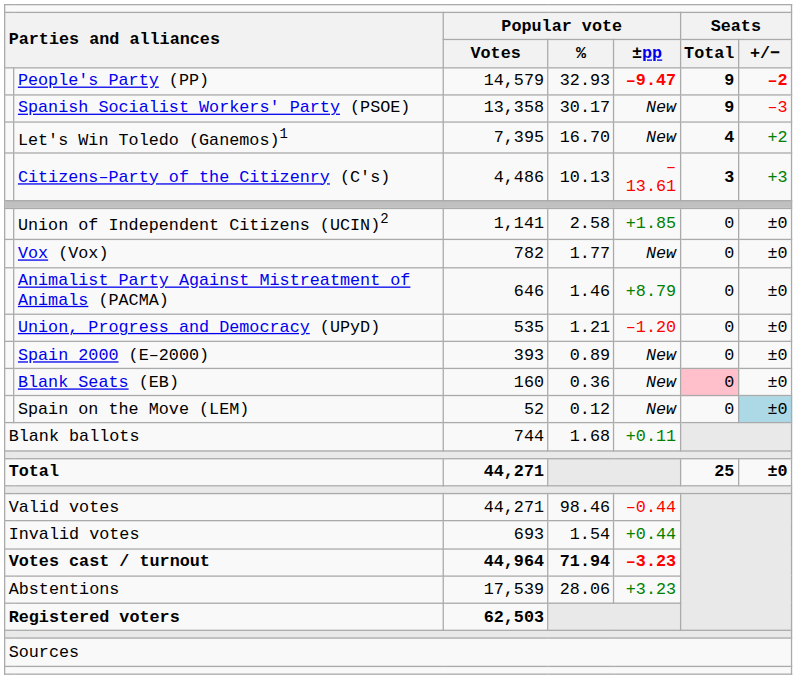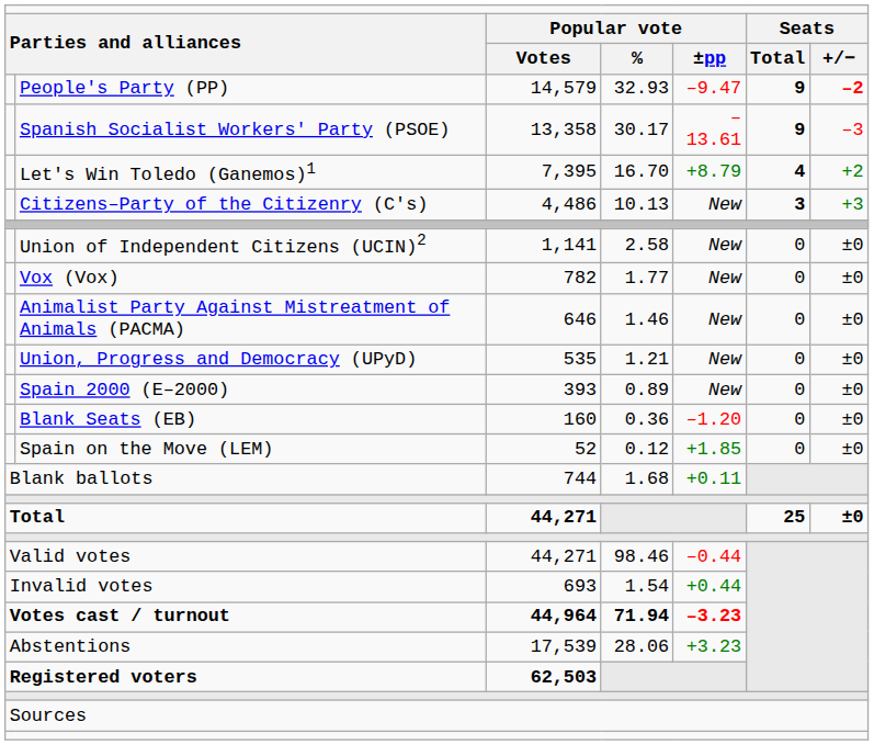 <table class="wikitable" style="text-align:right;">
 <tr>
 <td colspan="7"></td>
 </tr>
 <tr>
 <th style="text-align:left;" rowspan="2" colspan="2" width="525">Parties and alliances</th>
 <th colspan="3">Popular vote</th>
 <th colspan="2">Seats</th>
 </tr>
 <tr>
 <th width="75">Votes</th>
 <th width="45">%</th>
 <th width="45">±<a href='#'>pp</a></th>
 <th width="35">Total</th>
 <th width="35">+/−</th>
 </tr>
 <tr>
 <td width="1" style="color:inherit;background:"></td>
 <td align="left"><a href='#'>People's Party</a> (PP)</td>
 <td>14,579</td>
 <td>32.93</td>
-<td style="color:red;"><strong>–9.47</strong></td>
+<td style="color:red;">–9.47</td>
 <td><strong>9</strong></td>
 <td style="color:red;"><strong>–2</strong></td>
 </tr>
 <tr>
 <td style="color:inherit;background:"></td>
 <td align="left"><a href='#'>Spanish Socialist Workers' Party</a> (PSOE)</td>
 <td>13,358</td>
 <td>30.17</td>
-<td><em>New</em></td>
+<td style="color:red;">–13.61</td>
 <td><strong>9</strong></td>
 <td style="color:red;">–3</td>
 </tr>
 <tr>
 <td style="color:inherit;background:"></td>
 <td align="left">Let's Win Toledo (Ganemos)<sup>1</sup></td>
 <td>7,395</td>
 <td>16.70</td>
-<td><em>New</em></td>
+<td style="color:green;">+8.79</td>
 <td><strong>4</strong></td>
 <td style="color:green;">+2</td>
 </tr>
 <tr>
 <td style="color:inherit;background:"></td>
 <td align="left"><a href='#'>Citizens–Party of the Citizenry</a> (C's)</td>
 <td>4,486</td>
 <td>10.13</td>
-<td style="color:red;">–13.61</td>
+<td><em>New</em></td>
 <td><strong>3</strong></td>
 <td style="color:green;">+3</td>
 </tr>
 <tr>
 <td colspan="7" bgcolor="#C0C0C0"></td>
 </tr>
 <tr>
 <td style="color:inherit;background:"></td>
 <td align="left">Union of Independent Citizens (UCIN)<sup>2</sup></td>
 <td>1,141</td>
 <td>2.58</td>
-<td style="color:green;">+1.85</td>
+<td><em>New</em></td>
 <td>0</td>
 <td>±0</td>
 </tr>
 <tr>
 <td style="color:inherit;background:"></td>
 <td align="left"><a href='#'>Vox</a> (Vox)</td>
 <td>782</td>
 <td>1.77</td>
 <td><em>New</em></td>
 <td>0</td>
 <td>±0</td>
 </tr>
 <tr>
 <td style="color:inherit;background:"></td>
 <td align="left"><a href='#'>Animalist Party Against Mistreatment of Animals</a> (PACMA)</td>
 <td>646</td>
 <td>1.46</td>
-<td style="color:green;">+8.79</td>
+<td><em>New</em></td>
 <td>0</td>
 <td>±0</td>
 </tr>
 <tr>
 <td style="color:inherit;background:"></td>
 <td align="left"><a href='#'>Union, Progress and Democracy</a> (UPyD)</td>
 <td>535</td>
 <td>1.21</td>
-<td style="color:red;">–1.20</td>
+<td><em>New</em></td>
 <td>0</td>
 <td>±0</td>
 </tr>
 <tr>
 <td style="color:inherit;background:"></td>
 <td align="left"><a href='#'>Spain 2000</a> (E–2000)</td>
 <td>393</td>
 <td>0.89</td>
 <td><em>New</em></td>
 <td>0</td>
 <td>±0</td>
 </tr>
 <tr>
 <td style="color:inherit;background:"></td>
 <td align="left"><a href='#'>Blank Seats</a> (EB)</td>
 <td>160</td>
 <td>0.36</td>
-<td><em>New</em></td>
-<td style="background: pink;">0</td>
+<td style="color:red;">–1.20</td>
+<td>0</td>
 <td>±0</td>
 </tr>
 <tr>
 <td style="color:inherit;background:"></td>
 <td align="left">Spain on the Move (LEM)</td>
 <td>52</td>
 <td>0.12</td>
-<td><em>New</em></td>
+<td style="color:green;">+1.85</td>
 <td>0</td>
-<td style="background: lightblue;">±0</td>
+<td>±0</td>
 </tr>
 <tr>
 <td align="left" colspan="2">Blank ballots</td>
 <td>744</td>
 <td>1.68</td>
 <td style="color:green;">+0.11</td>
 <td bgcolor="#E9E9E9" colspan="2"></td>
 </tr>
 <tr>
 <td colspan="7" bgcolor="#E9E9E9"></td>
 </tr>
 <tr style="font-weight:bold;">
 <td align="left" colspan="2">Total</td>
 <td>44,271</td>
 <td bgcolor="#E9E9E9" colspan="2"></td>
 <td>25</td>
 <td>±0</td>
 </tr>
 <tr>
 <td colspan="7" bgcolor="#E9E9E9"></td>
 </tr>
 <tr>
 <td align="left" colspan="2">Valid votes</td>
 <td>44,271</td>
 <td>98.46</td>
 <td style="color:red;">–0.44</td>
 <td bgcolor="#E9E9E9" colspan="2" rowspan="5"></td>
 </tr>
 <tr>
 <td align="left" colspan="2">Invalid votes</td>
 <td>693</td>
 <td>1.54</td>
 <td style="color:green;">+0.44</td>
 </tr>
 <tr style="font-weight:bold;">
 <td align="left" colspan="2">Votes cast / turnout</td>
 <td>44,964</td>
 <td>71.94</td>
 <td style="color:red;">–3.23</td>
 </tr>
 <tr>
 <td align="left" colspan="2">Abstentions</td>
 <td>17,539</td>
 <td>28.06</td>
 <td style="color:green;">+3.23</td>
 </tr>
 <tr style="font-weight:bold;">
 <td align="left" colspan="2">Registered voters</td>
 <td>62,503</td>
 <td bgcolor="#E9E9E9" colspan="2"></td>
 </tr>
 <tr>
 <td colspan="7" bgcolor="#E9E9E9"></td>
 </tr>
 <tr>
 <td align="left" colspan="7">Sources</td>
 </tr>
 <tr>
 <td colspan="7" style="text-align:left; max-width:790px;"></td>
 </tr>
 </table>
